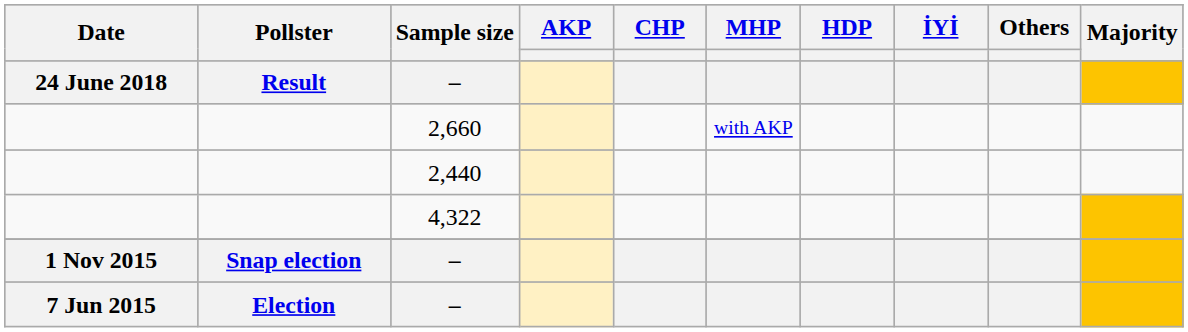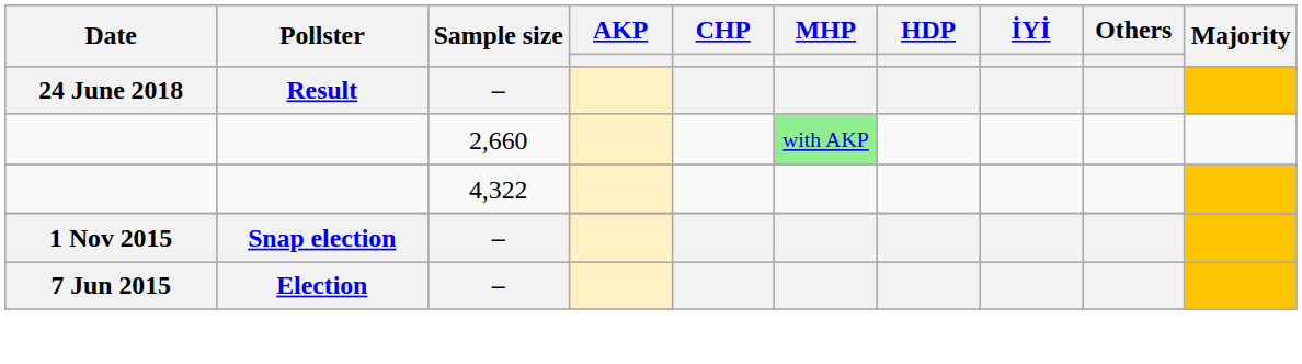 <table class="wikitable" style="text-align:center; font-size:90%; line-height:20px;">
 <tr>
 <th rowspan=2 width="110px">Date</th>
 <th rowspan=2 width="110px">Pollster</th>
 <th rowspan=2 width="60px">Sample size</th>
 <th width=50><a href='#'>AKP</a></th>
 <th width=50><a href='#'>CHP</a></th>
 <th width=50><a href='#'>MHP</a></th>
 <th width=50><a href='#'>HDP</a></th>
 <th width=50><a href='#'>İYİ</a></th>
 <th width=50>Others</th>
 <th width=50 rowspan=2>Majority</th>
 </tr>
 <tr>
 <th style="background: "></th>
 <th style="background: "></th>
 <th style="background: "></th>
 <th style="background: "></th>
 <th style="background: "></th>
 <th style="background: "></th>
 </tr>
 <tr>
 <th>24 June 2018</th>
 <th><a href='#'>Result</a></th>
 <th>–</th>
 <th style="background: #FFF1C4"></th>
 <th></th>
 <th></th>
 <th></th>
 <th></th>
 <th></th>
 <th style="background: #Fdc400"><small></small></th>
 </tr>
 <tr>
 <td></td>
 <td></td>
 <td>2,660</td>
 <td style="background: #FFF1C4"></td>
 <td></td>
-<td><small><a href='#'>with AKP</a></small></td>
-<td></td>
-<td></td>
-<td></td>
-<td style="background: "><small></small></td>
-</tr>
-<tr>
-<td></td>
-<td></td>
-<td>2,440</td>
-<td style="background: #FFF1C4"></td>
-<td></td>
-<td></td>
+<td style="background: lightgreen;"><small><a href='#'>with AKP</a></small></td>
 <td></td>
 <td></td>
 <td></td>
 <td style="background: "><small></small></td>
 </tr>
 <tr>
 <td></td>
 <td></td>
 <td>4,322</td>
 <td style="background: #FFF1C4"></td>
 <td></td>
 <td></td>
 <td></td>
 <td></td>
 <td></td>
 <td style="background: #Fdc400"><small></small></td>
 </tr>
 <tr>
 </tr>
 <tr class=sortbottom style="background:#f2f2f2; font-weight:bold">
 <th>1 Nov 2015</th>
 <th {{nowrap><a href='#'>Snap election</a></th>
 <th>–</th>
 <th style="background: #FFF1C4"></th>
 <th></th>
 <th></th>
 <th></th>
 <th></th>
 <th></th>
 <td style="background: #Fdc400"></td>
 </tr>
 <tr>
 <th>7 Jun 2015</th>
 <th><a href='#'>Election</a></th>
 <th>–</th>
 <th style="background: #FFF1C4"></th>
 <th></th>
 <th></th>
 <th></th>
 <th></th>
 <th></th>
 <th style="background: #Fdc400"><small></small></th>
 </tr>
 </table>
